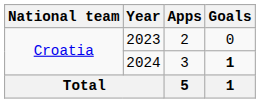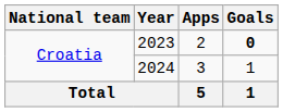 <table class="wikitable" style="text-align:center">
 <tr>
 <th>National team</th>
 <th>Year</th>
 <th>Apps</th>
 <th>Goals</th>
 </tr>
 <tr>
 <td rowspan="2"><a href='#'>Croatia</a></td>
 <td>2023</td>
 <td>2</td>
-<td>0</td>
+<td><strong>0</strong></td>
 </tr>
 <tr>
 <td>2024</td>
 <td>3</td>
-<td><strong>1</strong></td>
+<td>1</td>
 </tr>
 <tr>
 <th colspan="2">Total</th>
 <th>5</th>
 <th>1</th>
 </tr>
 </table>
